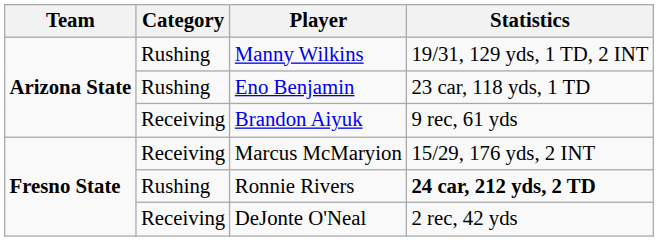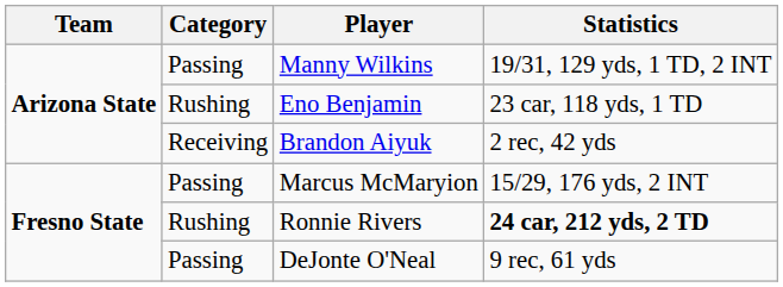 <table class="wikitable">
 <tr>
 <th>Team</th>
 <th>Category</th>
 <th>Player</th>
 <th>Statistics</th>
 </tr>
 <tr>
 <td rowspan=3><strong>Arizona State</strong></td>
-<td>Rushing</td>
+<td>Passing</td>
 <td><a href='#'>Manny Wilkins</a></td>
 <td>19/31, 129 yds, 1 TD, 2 INT</td>
 </tr>
 <tr>
 <td>Rushing</td>
 <td><a href='#'>Eno Benjamin</a></td>
 <td>23 car, 118 yds, 1 TD</td>
 </tr>
 <tr>
 <td>Receiving</td>
 <td><a href='#'>Brandon Aiyuk</a></td>
-<td>9 rec, 61 yds</td>
+<td>2 rec, 42 yds</td>
 </tr>
 <tr>
 <td rowspan=3><strong>Fresno State</strong></td>
-<td>Receiving</td>
+<td>Passing</td>
 <td>Marcus McMaryion</td>
 <td>15/29, 176 yds, 2 INT</td>
 </tr>
 <tr>
 <td>Rushing</td>
 <td>Ronnie Rivers</td>
 <td><strong>24 car, 212 yds, 2 TD</strong></td>
 </tr>
 <tr>
-<td>Receiving</td>
+<td>Passing</td>
 <td>DeJonte O'Neal</td>
-<td>2 rec, 42 yds</td>
+<td>9 rec, 61 yds</td>
 </tr>
 </table>
